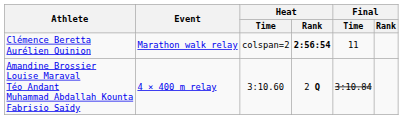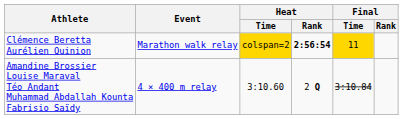 <table class=wikitable style="font-size:90%">
 <tr>
 <th rowspan=2>Athlete</th>
 <th rowspan=2>Event</th>
 <th colspan=2>Heat</th>
 <th colspan=2>Final</th>
 </tr>
 <tr style=font-size:95%>
 <th>Time</th>
 <th>Rank</th>
 <th>Time</th>
 <th>Rank</th>
 </tr>
 <tr align=center>
 <td align=left><a href='#'>Clémence Beretta</a><br><a href='#'>Aurélien Quinion</a></td>
 <td align=left><a href='#'>Marathon walk relay</a></td>
-<td>colspan=2 </td>
+<td style="background: gold;">colspan=2 </td>
 <td><strong>2:56:54</strong></td>
-<td>11</td>
+<td style="background: gold;">11</td>
 </tr>
 <tr align=center>
 <td align=left><a href='#'>Amandine Brossier</a><br><a href='#'>Louise Maraval</a><br><a href='#'>Téo Andant</a><br><a href='#'>Muhammad Abdallah Kounta</a><br><a href='#'>Fabrisio Saïdy</a></td>
 <td align=left><a href='#'>4 × 400 m relay</a></td>
 <td>3:10.60</td>
 <td>2 <strong>Q</strong></td>
 <td><s>3:10.84</s></td>
 <td></td>
 </tr>
 </table>
